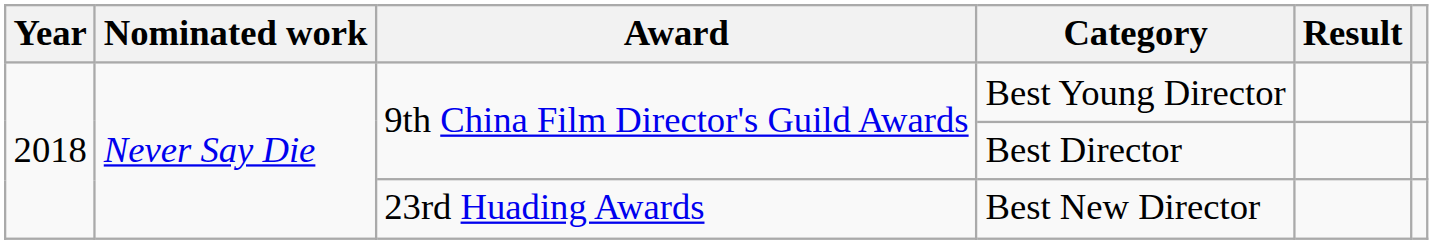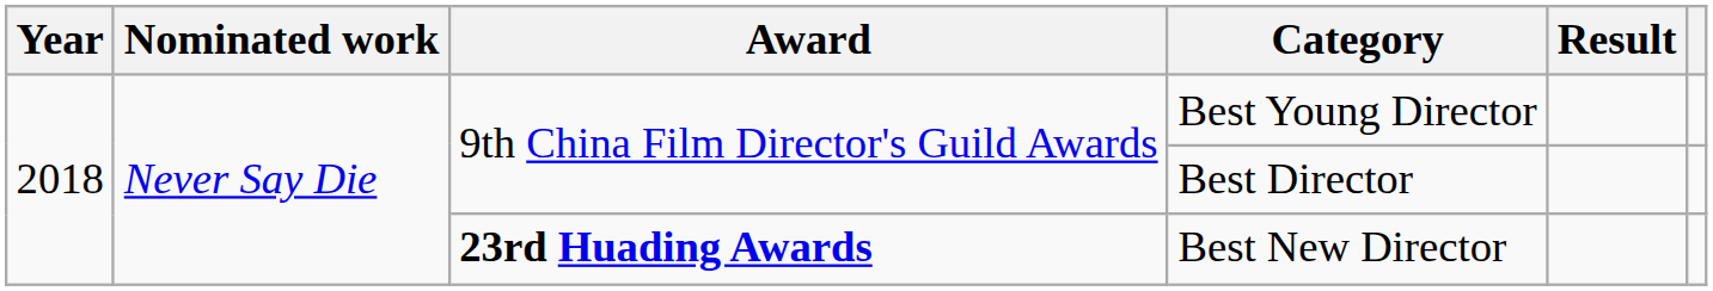 <table class="wikitable">
 <tr>
 <th>Year</th>
 <th>Nominated work</th>
 <th>Award</th>
 <th>Category</th>
 <th>Result</th>
 <th></th>
 </tr>
 <tr>
 <td rowspan="3">2018</td>
 <td rowspan="3"><em><a href='#'>Never Say Die</a></em></td>
 <td rowspan="2">9th <a href='#'>China Film Director's Guild Awards</a></td>
 <td>Best Young Director</td>
 <td></td>
 <td></td>
 </tr>
 <tr>
 <td>Best Director</td>
 <td></td>
 <td></td>
 </tr>
 <tr>
-<td>23rd <a href='#'>Huading Awards</a></td>
+<td><strong>23rd <a href='#'>Huading Awards</a></strong></td>
 <td>Best New Director</td>
 <td></td>
 <td></td>
 </tr>
 </table>
